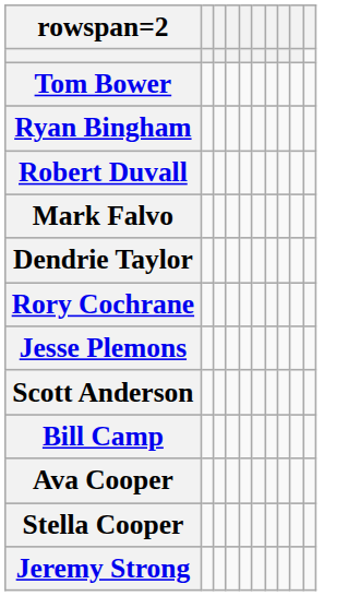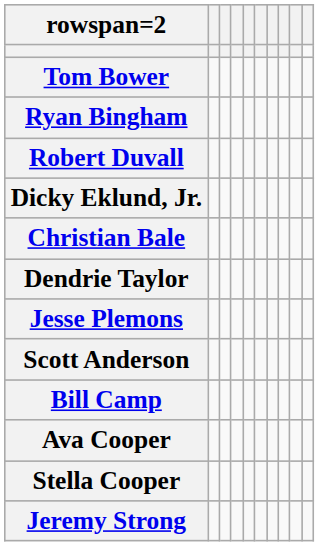 <table class="wikitable" style="text-align:center;font-size:100%;vertical-align:bottom;">
 <tr>
 <th>rowspan=2 </th>
 <th></th>
 <th></th>
 <th></th>
 <th></th>
 <th></th>
 <th></th>
 <th></th>
 <th></th>
 <th></th>
 </tr>
 <tr>
 <th></th>
 <th></th>
 <th></th>
 <th></th>
 <th></th>
 <th></th>
 <th></th>
 <th></th>
 <th></th>
 </tr>
 <tr>
 <th><a href='#'>Tom Bower</a></th>
 <td></td>
 <td></td>
 <td></td>
 <td></td>
 <td></td>
 <td></td>
 <td></td>
 <td></td>
 <td></td>
 </tr>
 <tr>
 <th><a href='#'>Ryan Bingham</a></th>
 <td></td>
 <td></td>
 <td></td>
 <td></td>
 <td></td>
 <td></td>
 <td></td>
 <td></td>
 <td></td>
 </tr>
 <tr>
 <th><a href='#'>Robert Duvall</a></th>
 <td></td>
 <td></td>
 <td></td>
 <td></td>
 <td></td>
 <td></td>
 <td></td>
 <td></td>
 <td></td>
 </tr>
 <tr>
-<th>Mark Falvo</th>
+<th>Dicky Eklund, Jr.</th>
+<td></td>
+<td></td>
+<td></td>
+<td></td>
+<td></td>
+<td></td>
+<td></td>
+<td></td>
+<td></td>
+</tr>
+<tr>
+<th><a href='#'>Christian Bale</a></th>
 <td></td>
 <td></td>
 <td></td>
 <td></td>
 <td></td>
 <td></td>
 <td></td>
 <td></td>
 <td></td>
 </tr>
 <tr>
 <th>Dendrie Taylor</th>
-<td></td>
-<td></td>
-<td></td>
-<td></td>
-<td></td>
-<td></td>
-<td></td>
-<td></td>
-<td></td>
-</tr>
-<tr>
-<th><a href='#'>Rory Cochrane</a></th>
 <td></td>
 <td></td>
 <td></td>
 <td></td>
 <td></td>
 <td></td>
 <td></td>
 <td></td>
 <td></td>
 </tr>
 <tr>
 <th><a href='#'>Jesse Plemons</a></th>
 <td></td>
 <td></td>
 <td></td>
 <td></td>
 <td></td>
 <td></td>
 <td></td>
 <td></td>
 <td></td>
 </tr>
 <tr>
 <th>Scott Anderson</th>
 <td></td>
 <td></td>
 <td></td>
 <td></td>
 <td></td>
 <td></td>
 <td></td>
 <td></td>
 <td></td>
 </tr>
 <tr>
 <th><a href='#'>Bill Camp</a></th>
 <td></td>
 <td></td>
 <td></td>
 <td></td>
 <td></td>
 <td></td>
 <td></td>
 <td></td>
 <td></td>
 </tr>
 <tr>
 <th>Ava Cooper</th>
 <td></td>
 <td></td>
 <td></td>
 <td></td>
 <td></td>
 <td></td>
 <td></td>
 <td></td>
 <td></td>
 </tr>
 <tr>
 <th>Stella Cooper</th>
 <td></td>
 <td></td>
 <td></td>
 <td></td>
 <td></td>
 <td></td>
 <td></td>
 <td></td>
 <td></td>
 </tr>
 <tr>
 <th><a href='#'>Jeremy Strong</a></th>
 <td></td>
 <td></td>
 <td></td>
 <td></td>
 <td></td>
 <td></td>
 <td></td>
 <td></td>
 <td></td>
 </tr>
 </table>
